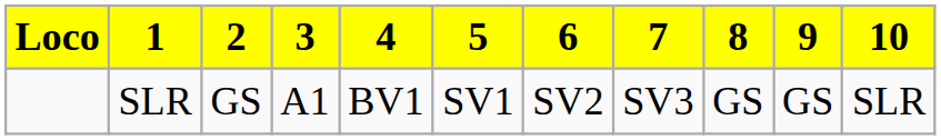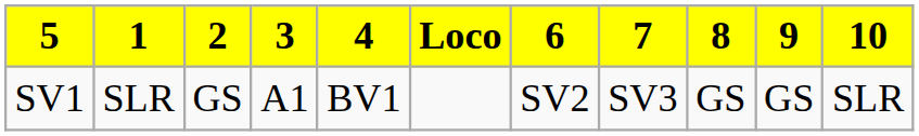 <table class="wikitable plainrowheaders unsortable" style="text-align:center">
 <tr>
-<th scope="col" style="background:yellow;">Loco</th>
+<th scope="col" style="background:yellow;">5</th>
 <th scope="col" style="background:yellow;">1</th>
 <th scope="col" style="background:yellow;">2</th>
 <th scope="col" style="background:yellow;">3</th>
 <th scope="col" style="background:yellow;">4</th>
-<th scope="col" style="background:yellow;">5</th>
+<th scope="col" style="background:yellow;">Loco</th>
 <th scope="col" style="background:yellow;">6</th>
 <th scope="col" style="background:yellow;">7</th>
 <th scope="col" style="background:yellow;">8</th>
 <th scope="col" style="background:yellow;">9</th>
 <th scope="col" style="background:yellow;">10</th>
 </tr>
 <tr>
-<td></td>
+<td>SV1</td>
 <td>SLR</td>
 <td>GS</td>
 <td>A1</td>
 <td>BV1</td>
-<td>SV1</td>
+<td></td>
 <td>SV2</td>
 <td>SV3</td>
 <td>GS</td>
 <td>GS</td>
 <td>SLR</td>
 </tr>
 </table>
